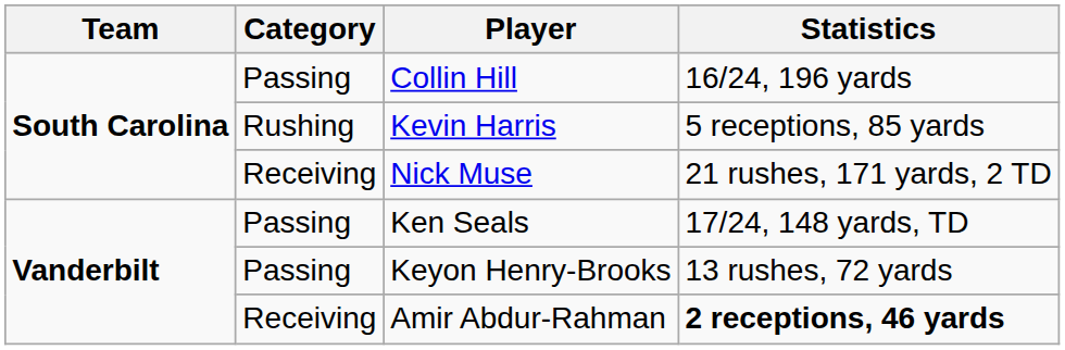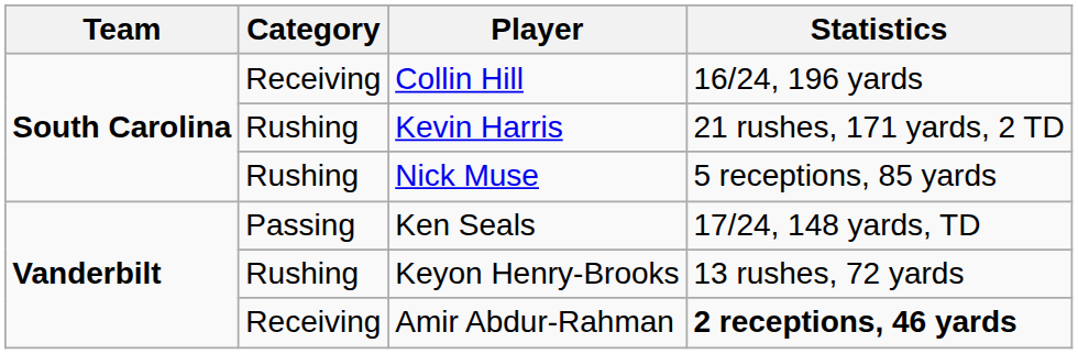 <table class="wikitable" style="float: left;">
 <tr>
 <th>Team</th>
 <th>Category</th>
 <th>Player</th>
 <th>Statistics</th>
 </tr>
 <tr>
 <td rowspan=3><strong>South Carolina</strong></td>
-<td>Passing</td>
+<td>Receiving</td>
 <td><a href='#'>Collin Hill</a></td>
 <td>16/24, 196 yards</td>
 </tr>
 <tr>
 <td>Rushing</td>
 <td><a href='#'>Kevin Harris</a></td>
-<td>5 receptions, 85 yards</td>
+<td>21 rushes, 171 yards, 2 TD</td>
 </tr>
 <tr>
-<td>Receiving</td>
+<td>Rushing</td>
 <td><a href='#'>Nick Muse</a></td>
-<td>21 rushes, 171 yards, 2 TD</td>
+<td>5 receptions, 85 yards</td>
 </tr>
 <tr>
 <td rowspan=3><strong>Vanderbilt</strong></td>
 <td>Passing</td>
 <td>Ken Seals</td>
 <td>17/24, 148 yards, TD</td>
 </tr>
 <tr>
-<td>Passing</td>
+<td>Rushing</td>
 <td>Keyon Henry-Brooks</td>
 <td>13 rushes, 72 yards</td>
 </tr>
 <tr>
 <td>Receiving</td>
 <td>Amir Abdur-Rahman</td>
 <td><strong>2 receptions, 46 yards</strong></td>
 </tr>
 </table>
